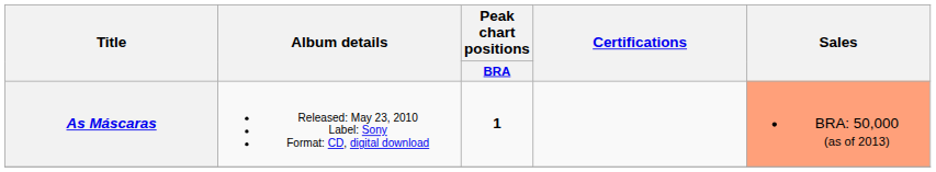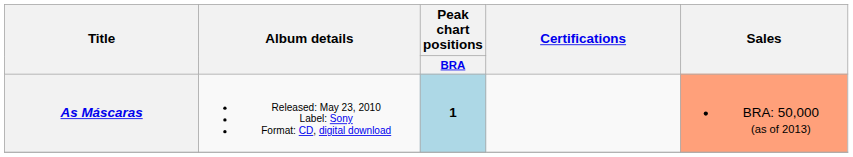 <table class="wikitable plainrowheaders" style="text-align:center;" border="1">
 <tr>
 <th scope="col" rowspan="2" style="width:14em;">Title</th>
 <th scope="col" rowspan="2" style="width:16em;">Album details</th>
 <th scope="col" colspan="1">Peak chart positions</th>
 <th scope="col" rowspan="2" style="width:14em;"><a href='#'>Certifications</a></th>
 <th scope="col" rowspan="2" style="width:12em;">Sales</th>
 </tr>
 <tr>
 <th scope="col" style="width:2.75em;font-size:85%;"><a href='#'>BRA</a><br></th>
 </tr>
 <tr>
 <th scope="row"><em><a href='#'>As Máscaras</a></em></th>
 <td style="font-size:12px;"><br><ul><li>Released: May 23, 2010</li><li>Label: <a href='#'>Sony</a></li><li>Format: <a href='#'>CD</a>, <a href='#'>digital download</a></li></ul></td>
-<td><strong>1</strong></td>
+<td style="background: lightblue;"><strong>1</strong></td>
 <td></td>
 <td style="background: lightsalmon;"><br><ul><li>BRA: 50,000 <br> <small>(as of 2013)</small></li></ul></td>
 </tr>
 <tr>
 </tr>
 </table>
